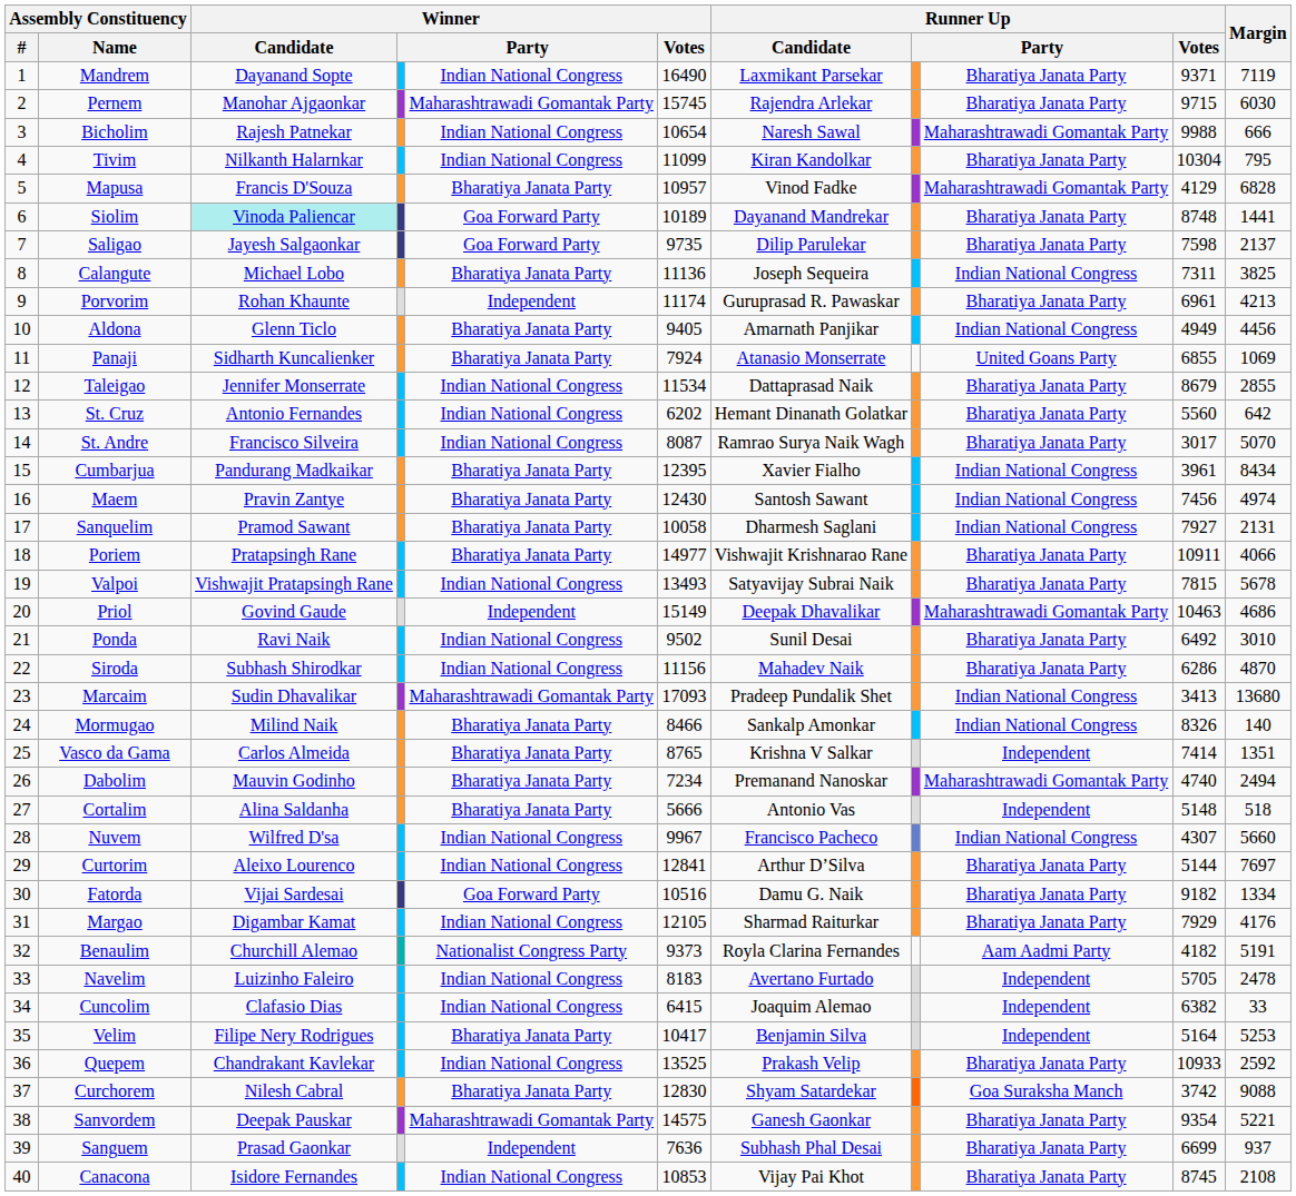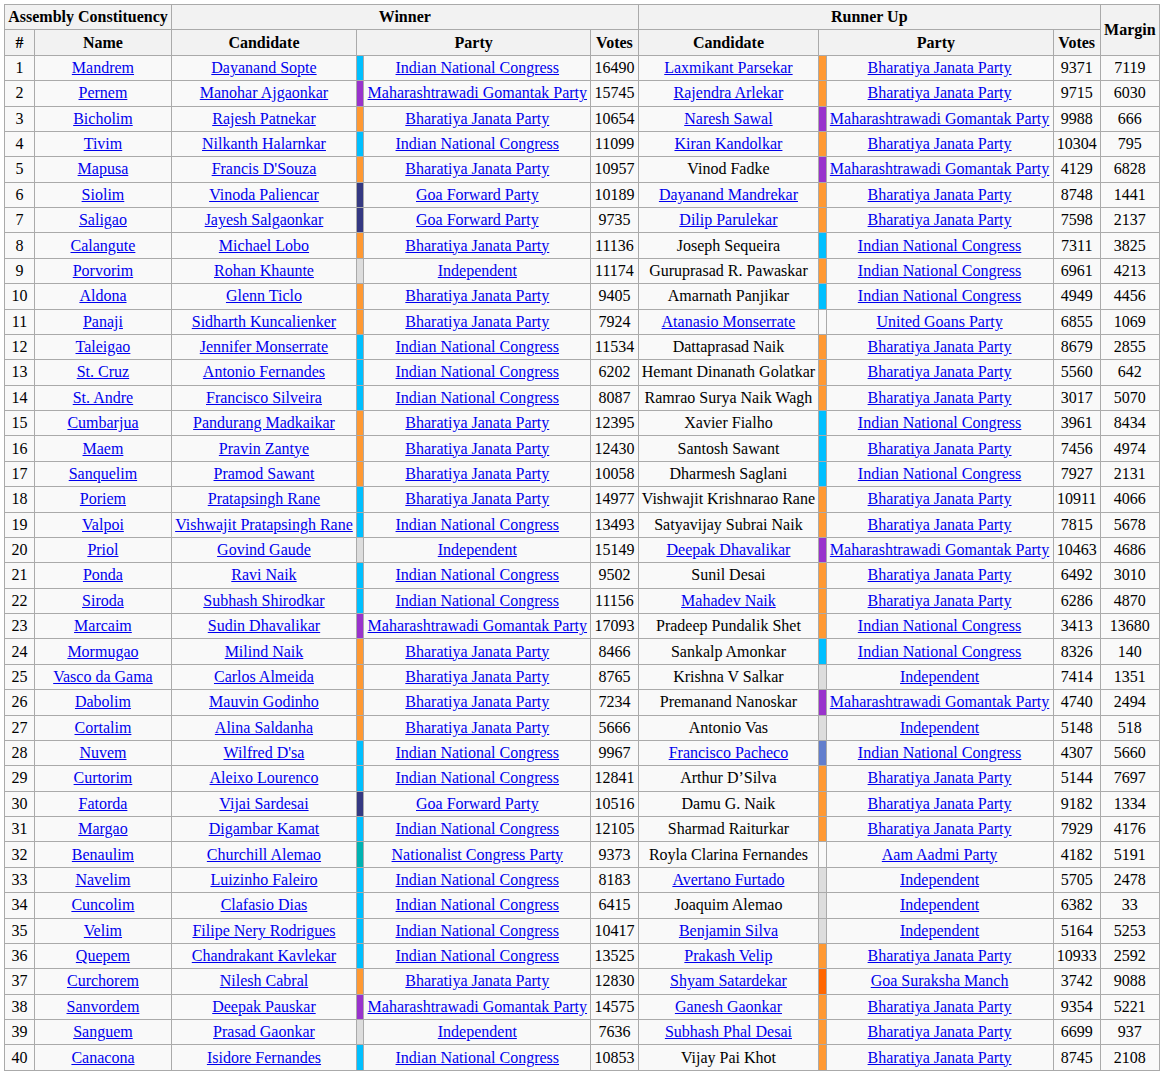 <table class="wikitable sortable" style="text-align:center;">
 <tr>
 <th colspan="2">Assembly Constituency</th>
 <th colspan="4">Winner</th>
 <th colspan="4">Runner Up</th>
 <th rowspan="2">Margin</th>
 </tr>
 <tr>
 <th>#</th>
 <th>Name</th>
 <th>Candidate</th>
 <th colspan="2">Party</th>
 <th>Votes</th>
 <th>Candidate</th>
 <th colspan="2">Party</th>
 <th>Votes</th>
 </tr>
 <tr>
 <td>1</td>
 <td><a href='#'>Mandrem</a></td>
 <td><a href='#'>Dayanand Sopte</a></td>
 <td bgcolor=#00BFFF></td>
 <td><a href='#'>Indian National Congress</a></td>
 <td>16490</td>
 <td><a href='#'>Laxmikant Parsekar</a></td>
 <td bgcolor=#FF9933></td>
 <td><a href='#'>Bharatiya Janata Party</a></td>
 <td>9371</td>
 <td>7119</td>
 </tr>
 <tr>
 <td>2</td>
 <td><a href='#'>Pernem</a></td>
 <td><a href='#'>Manohar Ajgaonkar</a></td>
 <td bgcolor=#9933CC></td>
 <td><a href='#'>Maharashtrawadi Gomantak Party</a></td>
 <td>15745</td>
 <td><a href='#'>Rajendra Arlekar</a></td>
 <td bgcolor=#FF9933></td>
 <td><a href='#'>Bharatiya Janata Party</a></td>
 <td>9715</td>
 <td>6030</td>
 </tr>
 <tr>
 <td>3</td>
 <td><a href='#'>Bicholim</a></td>
 <td><a href='#'>Rajesh Patnekar</a></td>
 <td bgcolor=#FF9933></td>
-<td><a href='#'>Indian National Congress</a></td>
+<td><a href='#'>Bharatiya Janata Party</a></td>
 <td>10654</td>
 <td><a href='#'>Naresh Sawal</a></td>
 <td bgcolor=#9933CC></td>
 <td><a href='#'>Maharashtrawadi Gomantak Party</a></td>
 <td>9988</td>
 <td>666</td>
 </tr>
 <tr>
 <td>4</td>
 <td><a href='#'>Tivim</a></td>
 <td><a href='#'>Nilkanth Halarnkar</a></td>
 <td bgcolor=#00BFFF></td>
 <td><a href='#'>Indian National Congress</a></td>
 <td>11099</td>
 <td><a href='#'>Kiran Kandolkar</a></td>
 <td bgcolor=#FF9933></td>
 <td><a href='#'>Bharatiya Janata Party</a></td>
 <td>10304</td>
 <td>795</td>
 </tr>
 <tr>
 <td>5</td>
 <td><a href='#'>Mapusa</a></td>
 <td><a href='#'>Francis D'Souza</a></td>
 <td bgcolor=#FF9933></td>
 <td><a href='#'>Bharatiya Janata Party</a></td>
 <td>10957</td>
 <td>Vinod Fadke</td>
 <td bgcolor=#9933CC></td>
 <td><a href='#'>Maharashtrawadi Gomantak Party</a></td>
 <td>4129</td>
 <td>6828</td>
 </tr>
 <tr>
 <td>6</td>
 <td><a href='#'>Siolim</a></td>
-<td style="background: paleturquoise;"><a href='#'>Vinoda Paliencar</a></td>
+<td><a href='#'>Vinoda Paliencar</a></td>
 <td bgcolor=#353982></td>
 <td><a href='#'>Goa Forward Party</a></td>
 <td>10189</td>
 <td><a href='#'>Dayanand Mandrekar</a></td>
 <td bgcolor=#FF9933></td>
 <td><a href='#'>Bharatiya Janata Party</a></td>
 <td>8748</td>
 <td>1441</td>
 </tr>
 <tr>
 <td>7</td>
 <td><a href='#'>Saligao</a></td>
 <td><a href='#'>Jayesh Salgaonkar</a></td>
 <td bgcolor=#353982></td>
 <td><a href='#'>Goa Forward Party</a></td>
 <td>9735</td>
 <td><a href='#'>Dilip Parulekar</a></td>
 <td bgcolor=#FF9933></td>
 <td><a href='#'>Bharatiya Janata Party</a></td>
 <td>7598</td>
 <td>2137</td>
 </tr>
 <tr>
 <td>8</td>
 <td><a href='#'>Calangute</a></td>
 <td><a href='#'>Michael Lobo</a></td>
 <td bgcolor=#FF9933></td>
 <td><a href='#'>Bharatiya Janata Party</a></td>
 <td>11136</td>
 <td>Joseph Sequeira</td>
 <td bgcolor=#00BFFF></td>
 <td><a href='#'>Indian National Congress</a></td>
 <td>7311</td>
 <td>3825</td>
 </tr>
 <tr>
 <td>9</td>
 <td><a href='#'>Porvorim</a></td>
 <td><a href='#'>Rohan Khaunte</a></td>
 <td bgcolor=#DDDDDD></td>
 <td><a href='#'>Independent</a></td>
 <td>11174</td>
 <td>Guruprasad R. Pawaskar</td>
 <td bgcolor=#FF9933></td>
-<td><a href='#'>Bharatiya Janata Party</a></td>
+<td><a href='#'>Indian National Congress</a></td>
 <td>6961</td>
 <td>4213</td>
 </tr>
 <tr>
 <td>10</td>
 <td><a href='#'>Aldona</a></td>
 <td><a href='#'>Glenn Ticlo</a></td>
 <td bgcolor=#FF9933></td>
 <td><a href='#'>Bharatiya Janata Party</a></td>
 <td>9405</td>
 <td>Amarnath Panjikar</td>
 <td bgcolor=#00BFFF></td>
 <td><a href='#'>Indian National Congress</a></td>
 <td>4949</td>
 <td>4456</td>
 </tr>
 <tr>
 <td>11</td>
 <td><a href='#'>Panaji</a></td>
 <td><a href='#'>Sidharth Kuncalienker</a></td>
 <td bgcolor=#FF9933></td>
 <td><a href='#'>Bharatiya Janata Party</a></td>
 <td>7924</td>
 <td><a href='#'>Atanasio Monserrate</a></td>
 <td style="color:inherit;background-color:"></td>
 <td><a href='#'>United Goans Party</a></td>
 <td>6855</td>
 <td>1069</td>
 </tr>
 <tr>
 <td>12</td>
 <td><a href='#'>Taleigao</a></td>
 <td><a href='#'>Jennifer Monserrate</a></td>
 <td bgcolor=#00BFFF></td>
 <td><a href='#'>Indian National Congress</a></td>
 <td>11534</td>
 <td>Dattaprasad Naik</td>
 <td bgcolor=#FF9933></td>
 <td><a href='#'>Bharatiya Janata Party</a></td>
 <td>8679</td>
 <td>2855</td>
 </tr>
 <tr>
 <td>13</td>
 <td><a href='#'>St. Cruz</a></td>
 <td><a href='#'>Antonio Fernandes</a></td>
 <td bgcolor=#00BFFF></td>
 <td><a href='#'>Indian National Congress</a></td>
 <td>6202</td>
 <td>Hemant Dinanath Golatkar</td>
 <td bgcolor=#FF9933></td>
 <td><a href='#'>Bharatiya Janata Party</a></td>
 <td>5560</td>
 <td>642</td>
 </tr>
 <tr>
 <td>14</td>
 <td><a href='#'>St. Andre</a></td>
 <td><a href='#'>Francisco Silveira</a></td>
 <td bgcolor=#00BFFF></td>
 <td><a href='#'>Indian National Congress</a></td>
 <td>8087</td>
 <td>Ramrao Surya Naik Wagh</td>
 <td bgcolor=#FF9933></td>
 <td><a href='#'>Bharatiya Janata Party</a></td>
 <td>3017</td>
 <td>5070</td>
 </tr>
 <tr>
 <td>15</td>
 <td><a href='#'>Cumbarjua</a></td>
 <td><a href='#'>Pandurang Madkaikar</a></td>
 <td bgcolor=#FF9933></td>
 <td><a href='#'>Bharatiya Janata Party</a></td>
 <td>12395</td>
 <td>Xavier Fialho</td>
 <td bgcolor=#00BFFF></td>
 <td><a href='#'>Indian National Congress</a></td>
 <td>3961</td>
 <td>8434</td>
 </tr>
 <tr>
 <td>16</td>
 <td><a href='#'>Maem</a></td>
 <td><a href='#'>Pravin Zantye</a></td>
 <td bgcolor=#FF9933></td>
 <td><a href='#'>Bharatiya Janata Party</a></td>
 <td>12430</td>
 <td>Santosh Sawant</td>
 <td bgcolor=#00BFFF></td>
-<td><a href='#'>Indian National Congress</a></td>
+<td><a href='#'>Bharatiya Janata Party</a></td>
 <td>7456</td>
 <td>4974</td>
 </tr>
 <tr>
 <td>17</td>
 <td><a href='#'>Sanquelim</a></td>
 <td><a href='#'>Pramod Sawant</a></td>
 <td bgcolor=#FF9933></td>
 <td><a href='#'>Bharatiya Janata Party</a></td>
 <td>10058</td>
 <td>Dharmesh Saglani</td>
 <td bgcolor=#00BFFF></td>
 <td><a href='#'>Indian National Congress</a></td>
 <td>7927</td>
 <td>2131</td>
 </tr>
 <tr>
 <td>18</td>
 <td><a href='#'>Poriem</a></td>
 <td><a href='#'>Pratapsingh Rane</a></td>
 <td bgcolor=#00BFFF></td>
 <td><a href='#'>Bharatiya Janata Party</a></td>
 <td>14977</td>
 <td>Vishwajit Krishnarao Rane</td>
 <td bgcolor=#FF9933></td>
 <td><a href='#'>Bharatiya Janata Party</a></td>
 <td>10911</td>
 <td>4066</td>
 </tr>
 <tr>
 <td>19</td>
 <td><a href='#'>Valpoi</a></td>
 <td><a href='#'>Vishwajit Pratapsingh Rane</a></td>
 <td bgcolor=#00BFFF></td>
 <td><a href='#'>Indian National Congress</a></td>
 <td>13493</td>
 <td>Satyavijay Subrai Naik</td>
 <td bgcolor=#FF9933></td>
 <td><a href='#'>Bharatiya Janata Party</a></td>
 <td>7815</td>
 <td>5678</td>
 </tr>
 <tr>
 <td>20</td>
 <td><a href='#'>Priol</a></td>
 <td><a href='#'>Govind Gaude</a></td>
 <td bgcolor=#DDDDDD></td>
 <td><a href='#'>Independent</a></td>
 <td>15149</td>
 <td><a href='#'>Deepak Dhavalikar</a></td>
 <td bgcolor=#9933CC></td>
 <td><a href='#'>Maharashtrawadi Gomantak Party</a></td>
 <td>10463</td>
 <td>4686</td>
 </tr>
 <tr>
 <td>21</td>
 <td><a href='#'>Ponda</a></td>
 <td><a href='#'>Ravi Naik</a></td>
 <td bgcolor=#00BFFF></td>
 <td><a href='#'>Indian National Congress</a></td>
 <td>9502</td>
 <td>Sunil Desai</td>
 <td bgcolor=#FF9933></td>
 <td><a href='#'>Bharatiya Janata Party</a></td>
 <td>6492</td>
 <td>3010</td>
 </tr>
 <tr>
 <td>22</td>
 <td><a href='#'>Siroda</a></td>
 <td><a href='#'>Subhash Shirodkar</a></td>
 <td bgcolor=#00BFFF></td>
 <td><a href='#'>Indian National Congress</a></td>
 <td>11156</td>
 <td><a href='#'>Mahadev Naik</a></td>
 <td bgcolor=#FF9933></td>
 <td><a href='#'>Bharatiya Janata Party</a></td>
 <td>6286</td>
 <td>4870</td>
 </tr>
 <tr>
 <td>23</td>
 <td><a href='#'>Marcaim</a></td>
 <td><a href='#'>Sudin Dhavalikar</a></td>
 <td bgcolor=#9933CC></td>
 <td><a href='#'>Maharashtrawadi Gomantak Party</a></td>
 <td>17093</td>
 <td>Pradeep Pundalik Shet</td>
 <td bgcolor=#FF9933></td>
 <td><a href='#'>Indian National Congress</a></td>
 <td>3413</td>
 <td>13680</td>
 </tr>
 <tr>
 <td>24</td>
 <td><a href='#'>Mormugao</a></td>
 <td><a href='#'>Milind Naik</a></td>
 <td bgcolor=#FF9933></td>
 <td><a href='#'>Bharatiya Janata Party</a></td>
 <td>8466</td>
 <td>Sankalp Amonkar</td>
 <td bgcolor=#00BFFF></td>
 <td><a href='#'>Indian National Congress</a></td>
 <td>8326</td>
 <td>140</td>
 </tr>
 <tr>
 <td>25</td>
 <td><a href='#'>Vasco da Gama</a></td>
 <td><a href='#'>Carlos Almeida</a></td>
 <td bgcolor=#FF9933></td>
 <td><a href='#'>Bharatiya Janata Party</a></td>
 <td>8765</td>
 <td>Krishna V Salkar</td>
 <td bgcolor=#DDDDDD></td>
 <td><a href='#'>Independent</a></td>
 <td>7414</td>
 <td>1351</td>
 </tr>
 <tr>
 <td>26</td>
 <td><a href='#'>Dabolim</a></td>
 <td><a href='#'>Mauvin Godinho</a></td>
 <td bgcolor=#FF9933></td>
 <td><a href='#'>Bharatiya Janata Party</a></td>
 <td>7234</td>
 <td>Premanand Nanoskar</td>
 <td bgcolor=#9933CC></td>
 <td><a href='#'>Maharashtrawadi Gomantak Party</a></td>
 <td>4740</td>
 <td>2494</td>
 </tr>
 <tr>
 <td>27</td>
 <td><a href='#'>Cortalim</a></td>
 <td><a href='#'>Alina Saldanha</a></td>
 <td bgcolor=#FF9933></td>
 <td><a href='#'>Bharatiya Janata Party</a></td>
 <td>5666</td>
 <td>Antonio Vas</td>
 <td bgcolor=#DDDDDD></td>
 <td><a href='#'>Independent</a></td>
 <td>5148</td>
 <td>518</td>
 </tr>
 <tr>
 <td>28</td>
 <td><a href='#'>Nuvem</a></td>
 <td><a href='#'>Wilfred D'sa</a></td>
 <td bgcolor=#00BFFF></td>
 <td><a href='#'>Indian National Congress</a></td>
 <td>9967</td>
 <td><a href='#'>Francisco Pacheco</a></td>
 <td bgcolor=#627ECD></td>
 <td><a href='#'>Indian National Congress</a></td>
 <td>4307</td>
 <td>5660</td>
 </tr>
 <tr>
 <td>29</td>
 <td><a href='#'>Curtorim</a></td>
 <td><a href='#'>Aleixo Lourenco</a></td>
 <td bgcolor=#00BFFF></td>
 <td><a href='#'>Indian National Congress</a></td>
 <td>12841</td>
 <td>Arthur D’Silva</td>
 <td bgcolor=#FF9933></td>
 <td><a href='#'>Bharatiya Janata Party</a></td>
 <td>5144</td>
 <td>7697</td>
 </tr>
 <tr>
 <td>30</td>
 <td><a href='#'>Fatorda</a></td>
 <td><a href='#'>Vijai Sardesai</a></td>
 <td bgcolor=#353982></td>
 <td><a href='#'>Goa Forward Party</a></td>
 <td>10516</td>
 <td>Damu G. Naik</td>
 <td bgcolor=#FF9933></td>
 <td><a href='#'>Bharatiya Janata Party</a></td>
 <td>9182</td>
 <td>1334</td>
 </tr>
 <tr>
 <td>31</td>
 <td><a href='#'>Margao</a></td>
 <td><a href='#'>Digambar Kamat</a></td>
 <td bgcolor=#00BFFF></td>
 <td><a href='#'>Indian National Congress</a></td>
 <td>12105</td>
 <td>Sharmad Raiturkar</td>
 <td bgcolor=#FF9933></td>
 <td><a href='#'>Bharatiya Janata Party</a></td>
 <td>7929</td>
 <td>4176</td>
 </tr>
 <tr>
 <td>32</td>
 <td><a href='#'>Benaulim</a></td>
 <td><a href='#'>Churchill Alemao</a></td>
 <td bgcolor=#00B2B2></td>
 <td><a href='#'>Nationalist Congress Party</a></td>
 <td>9373</td>
 <td>Royla Clarina Fernandes</td>
 <td bgcolor=></td>
 <td><a href='#'>Aam Aadmi Party</a></td>
 <td>4182</td>
 <td>5191</td>
 </tr>
 <tr>
 <td>33</td>
 <td><a href='#'>Navelim</a></td>
 <td><a href='#'>Luizinho Faleiro</a></td>
 <td bgcolor=#00BFFF></td>
 <td><a href='#'>Indian National Congress</a></td>
 <td>8183</td>
 <td><a href='#'>Avertano Furtado</a></td>
 <td bgcolor=#DDDDDD></td>
 <td><a href='#'>Independent</a></td>
 <td>5705</td>
 <td>2478</td>
 </tr>
 <tr>
 <td>34</td>
 <td><a href='#'>Cuncolim</a></td>
 <td><a href='#'>Clafasio Dias</a></td>
 <td bgcolor=#00BFFF></td>
 <td><a href='#'>Indian National Congress</a></td>
 <td>6415</td>
 <td>Joaquim Alemao</td>
 <td bgcolor=#DDDDDD></td>
 <td><a href='#'>Independent</a></td>
 <td>6382</td>
 <td>33</td>
 </tr>
 <tr>
 <td>35</td>
 <td><a href='#'>Velim</a></td>
 <td><a href='#'>Filipe Nery Rodrigues</a></td>
 <td bgcolor=#00BFFF></td>
-<td><a href='#'>Bharatiya Janata Party</a></td>
+<td><a href='#'>Indian National Congress</a></td>
 <td>10417</td>
 <td><a href='#'>Benjamin Silva</a></td>
 <td bgcolor=#DDDDDD></td>
 <td><a href='#'>Independent</a></td>
 <td>5164</td>
 <td>5253</td>
 </tr>
 <tr>
 <td>36</td>
 <td><a href='#'>Quepem</a></td>
 <td><a href='#'>Chandrakant Kavlekar</a></td>
 <td bgcolor=#00BFFF></td>
 <td><a href='#'>Indian National Congress</a></td>
 <td>13525</td>
 <td><a href='#'>Prakash Velip</a></td>
 <td bgcolor=#FF9933></td>
 <td><a href='#'>Bharatiya Janata Party</a></td>
 <td>10933</td>
 <td>2592</td>
 </tr>
 <tr>
 <td>37</td>
 <td><a href='#'>Curchorem</a></td>
 <td><a href='#'>Nilesh Cabral</a></td>
 <td bgcolor=#FF9933></td>
 <td><a href='#'>Bharatiya Janata Party</a></td>
 <td>12830</td>
 <td><a href='#'>Shyam Satardekar</a></td>
 <td bgcolor=#FF6600></td>
 <td><a href='#'>Goa Suraksha Manch</a></td>
 <td>3742</td>
 <td>9088</td>
 </tr>
 <tr>
 <td>38</td>
 <td><a href='#'>Sanvordem</a></td>
 <td><a href='#'>Deepak Pauskar</a></td>
 <td bgcolor=#9933CC></td>
 <td><a href='#'>Maharashtrawadi Gomantak Party</a></td>
 <td>14575</td>
 <td><a href='#'>Ganesh Gaonkar</a></td>
 <td bgcolor=#FF9933></td>
 <td><a href='#'>Bharatiya Janata Party</a></td>
 <td>9354</td>
 <td>5221</td>
 </tr>
 <tr>
 <td>39</td>
 <td><a href='#'>Sanguem</a></td>
 <td><a href='#'>Prasad Gaonkar</a></td>
 <td bgcolor=#DDDDDD></td>
 <td><a href='#'>Independent</a></td>
 <td>7636</td>
 <td><a href='#'>Subhash Phal Desai</a></td>
 <td bgcolor=#FF9933></td>
 <td><a href='#'>Bharatiya Janata Party</a></td>
 <td>6699</td>
 <td>937</td>
 </tr>
 <tr>
 <td>40</td>
 <td><a href='#'>Canacona</a></td>
 <td><a href='#'>Isidore Fernandes</a></td>
 <td bgcolor=#00BFFF></td>
 <td><a href='#'>Indian National Congress</a></td>
 <td>10853</td>
 <td>Vijay Pai Khot</td>
 <td bgcolor=#FF9933></td>
 <td><a href='#'>Bharatiya Janata Party</a></td>
 <td>8745</td>
 <td>2108</td>
 </tr>
 </table>
